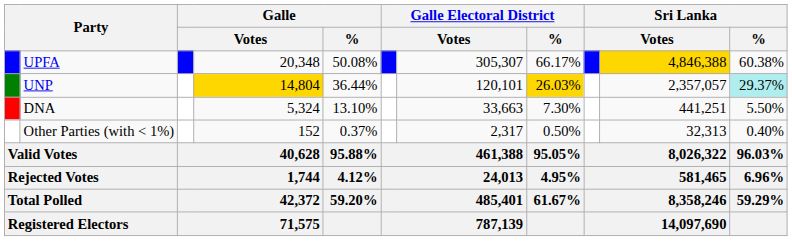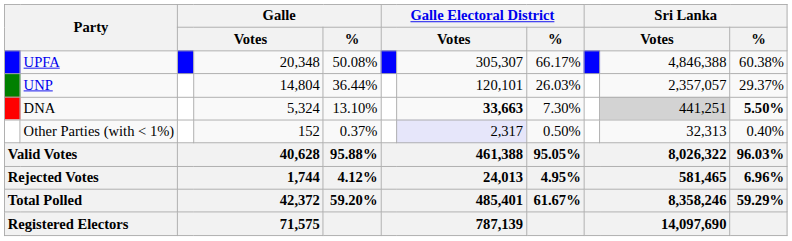 <table class="wikitable">
 <tr>
 <th colspan="2" width="144px"rowspan="2">Party</th>
 <th colspan="3" width="216px">Galle</th>
 <th colspan="3" width="216px"><a href='#'>Galle Electoral District</a></th>
 <th colspan="3" width="216px">Sri Lanka</th>
 </tr>
 <tr>
 <th colspan="2" width="144px">Votes</th>
 <th>%</th>
 <th colspan="2" width="144px">Votes</th>
 <th>%</th>
 <th colspan="2" width="144px">Votes</th>
 <th>%</th>
 </tr>
 <tr>
 <td style="background-color:blue;" width="10px"></td>
 <td style="text-align:left;"><a href='#'>UPFA</a></td>
 <td style="background-color:blue;" width="10px"></td>
 <td style="text-align:right;">20,348</td>
 <td style="text-align:right;">50.08%</td>
 <td style="background-color:blue;" width="10px"></td>
 <td style="text-align:right;">305,307</td>
 <td style="text-align:right;">66.17%</td>
 <td style="background-color:blue;" width="10px"></td>
-<td style="background: gold; text-align:right;">4,846,388</td>
+<td style="text-align:right;">4,846,388</td>
 <td style="text-align:right;">60.38%</td>
 </tr>
 <tr>
 <td style="background-color:green;" width="10px"></td>
 <td style="text-align:left;"><a href='#'>UNP</a></td>
 <td style="background-color:white;" width="10px"></td>
-<td style="background: gold; text-align:right;">14,804</td>
+<td style="text-align:right;">14,804</td>
 <td style="text-align:right;">36.44%</td>
 <td style="background-color:white;" width="10px"></td>
 <td style="text-align:right;">120,101</td>
-<td style="background: gold; text-align:right;">26.03%</td>
+<td style="text-align:right;">26.03%</td>
 <td style="background-color:white;" width="10px"></td>
 <td style="text-align:right;">2,357,057</td>
-<td style="background: paleturquoise; text-align:right;">29.37%</td>
+<td style="text-align:right;">29.37%</td>
 </tr>
 <tr>
 <td style="background-color:red;" width="10px"></td>
 <td style="text-align:left;">DNA</td>
 <td style="background-color:white;" width="10px"></td>
 <td style="text-align:right;">5,324</td>
 <td style="text-align:right;">13.10%</td>
 <td style="background-color:white;" width="10px"></td>
-<td style="text-align:right;">33,663</td>
+<td style="text-align:right;"><strong>33,663</strong></td>
 <td style="text-align:right;">7.30%</td>
 <td style="background-color:white;" width="10px"></td>
-<td style="text-align:right;">441,251</td>
-<td style="text-align:right;">5.50%</td>
+<td style="background: lightgrey; text-align:right;">441,251</td>
+<td style="text-align:right;"><strong>5.50%</strong></td>
 </tr>
 <tr>
 <td style="background-color:white;" width="10px"></td>
 <td style="text-align:left;">Other Parties (with < 1%)</td>
 <td style="background-color:white;" width="10px"></td>
 <td style="text-align:right;">152</td>
 <td style="text-align:right;">0.37%</td>
 <td style="background-color:white;" width="10px"></td>
-<td style="text-align:right;">2,317</td>
+<td style="background: lavender; text-align:right;">2,317</td>
 <td style="text-align:right;">0.50%</td>
 <td style="background-color:white;" width="10px"></td>
 <td style="text-align:right;">32,313</td>
 <td style="text-align:right;">0.40%</td>
 </tr>
 <tr>
 <th colspan="2" width="144px"style="text-align:left;">Valid Votes</th>
 <th style="text-align:right;"colspan="2" width="144px">40,628</th>
 <th style="text-align:right;">95.88%</th>
 <th style="text-align:right;"colspan="2" width="144px">461,388</th>
 <th style="text-align:right;">95.05%</th>
 <th style="text-align:right;"colspan="2" width="144px">8,026,322</th>
 <th style="text-align:right;">96.03%</th>
 </tr>
 <tr>
 <th colspan="2" width="144px"style="text-align:left;">Rejected Votes</th>
 <th style="text-align:right;"colspan="2" width="144px">1,744</th>
 <th style="text-align:right;">4.12%</th>
 <th style="text-align:right;"colspan="2" width="144px">24,013</th>
 <th style="text-align:right;">4.95%</th>
 <th style="text-align:right;"colspan="2" width="144px">581,465</th>
 <th style="text-align:right;">6.96%</th>
 </tr>
 <tr>
 <th colspan="2" width="144px"style="text-align:left;">Total Polled</th>
 <th style="text-align:right;"colspan="2" width="144px">42,372</th>
 <th style="text-align:right;">59.20%</th>
 <th style="text-align:right;"colspan="2" width="144px">485,401</th>
 <th style="text-align:right;">61.67%</th>
 <th style="text-align:right;"colspan="2" width="144px">8,358,246</th>
 <th style="text-align:right;">59.29%</th>
 </tr>
 <tr>
 <th colspan="2" width="144px"style="text-align:left;">Registered Electors</th>
 <th style="text-align:right;"colspan="2" width="144px">71,575</th>
 <th></th>
 <th style="text-align:right;"colspan="2" width="144px">787,139</th>
 <th></th>
 <th style="text-align:right;"colspan="2" width="144px">14,097,690</th>
 <th></th>
 </tr>
 </table>
